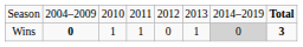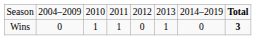 <table class="wikitable sortable">
 <tr>
 <td>Season</td>
 <td>2004–2009</td>
 <td>2010</td>
 <td>2011</td>
 <td>2012</td>
 <td>2013</td>
 <td>2014–2019</td>
 <td><strong>Total</strong></td>
 </tr>
 <tr align=center>
 <td>Wins</td>
-<td><strong>0</strong></td>
+<td>0</td>
 <td>1</td>
 <td>1</td>
 <td>0</td>
 <td>1</td>
-<td style="background: lightgrey;">0</td>
+<td>0</td>
 <td><strong>3</strong></td>
 </tr>
 </table>
